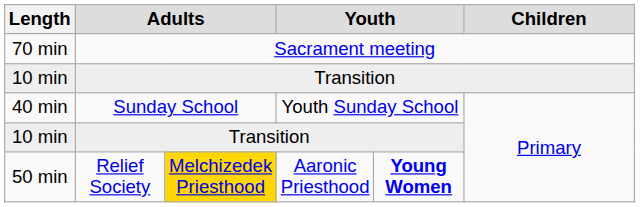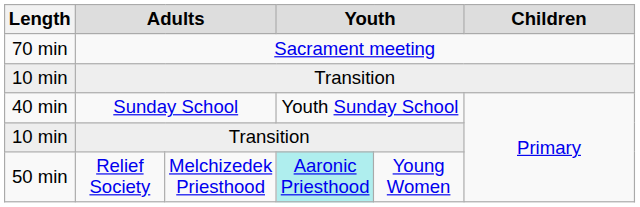 <table class=wikitable>
 <tr>
 <th>Length</th>
 <th colspan=2 style=background:#dddddd>Adults</th>
 <th colspan=2 style=background:#dddddd>Youth</th>
 <th style=background:#dddddd>Children</th>
 </tr>
 <tr align=center>
 <td>70 min</td>
 <td colspan=5><a href='#'>Sacrament meeting</a></td>
 </tr>
 <tr align=center style=background:#eeeeee>
 <td>10 min</td>
 <td colspan=5>Transition</td>
 </tr>
 <tr align=center>
 <td>40 min</td>
 <td colspan=2><a href='#'>Sunday School</a></td>
 <td colspan=2>Youth <a href='#'>Sunday School</a></td>
 <td rowspan=3 width=140><a href='#'>Primary</a></td>
 </tr>
 <tr align=center style=background:#eeeeee>
 <td>10 min</td>
 <td colspan=4>Transition</td>
 </tr>
 <tr align=center>
 <td>50 min</td>
 <td width=70><a href='#'>Relief</a> <br><a href='#'>Society</a></td>
-<td width=70 style="background: gold;"><a href='#'>Melchizedek Priesthood</a></td>
-<td width=70><a href='#'>Aaronic Priesthood</a></td>
-<td width=70><strong><a href='#'>Young</a> <br><a href='#'>Women</a></strong></td>
+<td width=70><a href='#'>Melchizedek Priesthood</a></td>
+<td width=70 style="background: paleturquoise;"><a href='#'>Aaronic Priesthood</a></td>
+<td width=70><a href='#'>Young</a> <br><a href='#'>Women</a></td>
 </tr>
 </table>
